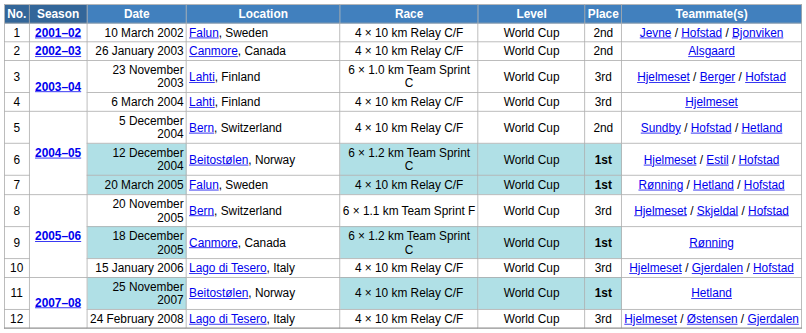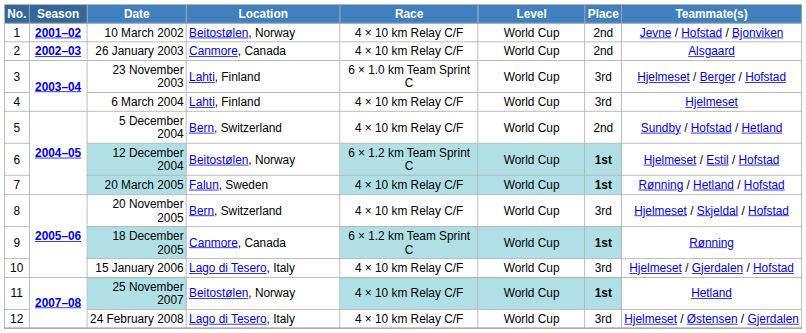 <table class="wikitable sortable" style="font-size:95%; text-align:center; border:grey solid 1px; border-collapse:collapse; background:#ffffff;">
 <tr style="background:#efefef;">
 <th style="background-color:#369; color:white;">No.</th>
 <th style="background-color:#369; color:white;">Season</th>
 <th style="background-color:#4180be; color:white; width:120px;">Date</th>
 <th style="background-color:#4180be; color:white; width:190px;">Location</th>
 <th style="background-color:#4180be; color:white; width:170px;">Race</th>
 <th style="background-color:#4180be; color:white; width:130px;">Level</th>
 <th style="background-color:#4180be; color:white;">Place</th>
 <th style="background-color:#4180be; color:white;">Teammate(s)</th>
 </tr>
 <tr>
 <td align=center>1</td>
 <td rowspan=1 align=center><strong> <a href='#'>2001–02</a> </strong></td>
 <td align=right>10 March 2002</td>
-<td align=left> <a href='#'>Falun</a>, Sweden</td>
+<td align=left> <a href='#'>Beitostølen</a>, Norway</td>
 <td>4 × 10 km Relay C/F</td>
 <td>World Cup</td>
 <td>2nd</td>
 <td><a href='#'>Jevne</a> / <a href='#'>Hofstad</a> / <a href='#'>Bjonviken</a></td>
 </tr>
 <tr>
 <td align=center>2</td>
 <td rowspan=1 align=center><strong> <a href='#'>2002–03</a> </strong></td>
 <td align=right>26 January 2003</td>
 <td align=left> <a href='#'>Canmore</a>, Canada</td>
 <td>4 × 10 km Relay C/F</td>
 <td>World Cup</td>
 <td>2nd</td>
 <td><a href='#'>Alsgaard</a></td>
 </tr>
 <tr>
 <td align=center>3</td>
 <td rowspan=2 align=center><strong> <a href='#'>2003–04</a> </strong></td>
 <td align=right>23 November 2003</td>
 <td align=left> <a href='#'>Lahti</a>, Finland</td>
 <td>6 × 1.0 km Team Sprint C</td>
 <td>World Cup</td>
 <td>3rd</td>
 <td><a href='#'>Hjelmeset</a> / <a href='#'>Berger</a> / <a href='#'>Hofstad</a></td>
 </tr>
 <tr>
 <td align=center>4</td>
 <td align=right>6 March 2004</td>
 <td align=left> <a href='#'>Lahti</a>, Finland</td>
 <td>4 × 10 km Relay C/F</td>
 <td>World Cup</td>
 <td>3rd</td>
 <td><a href='#'>Hjelmeset</a></td>
 </tr>
 <tr>
 <td align=center>5</td>
 <td rowspan=3 align=center><strong> <a href='#'>2004–05</a> </strong></td>
 <td align=right>5 December 2004</td>
 <td align=left> <a href='#'>Bern</a>, Switzerland</td>
 <td>4 × 10 km Relay C/F</td>
 <td>World Cup</td>
 <td>2nd</td>
 <td><a href='#'>Sundby</a> / <a href='#'>Hofstad</a> / <a href='#'>Hetland</a></td>
 </tr>
 <tr>
 <td align=center>6</td>
 <td bgcolor="#BOEOE6" align=right>12 December 2004</td>
 <td align=left> <a href='#'>Beitostølen</a>, Norway</td>
 <td bgcolor="#BOEOE6">6 × 1.2 km Team Sprint C</td>
 <td bgcolor="#BOEOE6">World Cup</td>
 <td bgcolor="#BOEOE6"><strong>1st</strong></td>
 <td><a href='#'>Hjelmeset</a> / <a href='#'>Estil</a> / <a href='#'>Hofstad</a></td>
 </tr>
 <tr>
 <td align=center>7</td>
 <td bgcolor="#BOEOE6" align=right>20 March 2005</td>
 <td align=left> <a href='#'>Falun</a>, Sweden</td>
 <td bgcolor="#BOEOE6">4 × 10 km Relay C/F</td>
 <td bgcolor="#BOEOE6">World Cup</td>
 <td bgcolor="#BOEOE6"><strong>1st</strong></td>
 <td><a href='#'>Rønning</a> / <a href='#'>Hetland</a> / <a href='#'>Hofstad</a></td>
 </tr>
 <tr>
 <td align=center>8</td>
 <td rowspan=3 align=center><strong> <a href='#'>2005–06</a> </strong></td>
 <td align=right>20 November 2005</td>
 <td align=left> <a href='#'>Bern</a>, Switzerland</td>
-<td>6 × 1.1 km Team Sprint F</td>
+<td>4 × 10 km Relay C/F</td>
 <td>World Cup</td>
 <td>3rd</td>
 <td><a href='#'>Hjelmeset</a> / <a href='#'>Skjeldal</a> / <a href='#'>Hofstad</a></td>
 </tr>
 <tr>
 <td align=center>9</td>
 <td bgcolor="#BOEOE6" align=right>18 December 2005</td>
 <td align=left> <a href='#'>Canmore</a>, Canada</td>
 <td bgcolor="#BOEOE6">6 × 1.2 km Team Sprint C</td>
 <td bgcolor="#BOEOE6">World Cup</td>
 <td bgcolor="#BOEOE6"><strong>1st</strong></td>
 <td><a href='#'>Rønning</a></td>
 </tr>
 <tr>
 <td align=center>10</td>
 <td align=right>15 January 2006</td>
 <td align=left> <a href='#'>Lago di Tesero</a>, Italy</td>
 <td>4 × 10 km Relay C/F</td>
 <td>World Cup</td>
 <td>3rd</td>
 <td><a href='#'>Hjelmeset</a> / <a href='#'>Gjerdalen</a> / <a href='#'>Hofstad</a></td>
 </tr>
 <tr>
 <td align=center>11</td>
 <td rowspan=2 align=center><strong><a href='#'>2007–08</a></strong></td>
 <td bgcolor="#BOEOE6" align=right>25 November 2007</td>
 <td align=left> <a href='#'>Beitostølen</a>, Norway</td>
 <td bgcolor="#BOEOE6">4 × 10 km Relay C/F</td>
 <td bgcolor="#BOEOE6">World Cup</td>
 <td bgcolor="#BOEOE6"><strong>1st</strong></td>
 <td><a href='#'>Hetland</a></td>
 </tr>
 <tr>
 <td align=center>12</td>
 <td align=right>24 February 2008</td>
 <td align=left> <a href='#'>Lago di Tesero</a>, Italy</td>
 <td>4 × 10 km Relay C/F</td>
 <td>World Cup</td>
 <td>3rd</td>
 <td><a href='#'>Hjelmeset</a> / <a href='#'>Østensen</a> / <a href='#'>Gjerdalen</a></td>
 </tr>
 <tr>
 </tr>
 </table>
